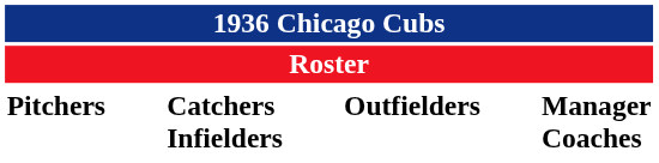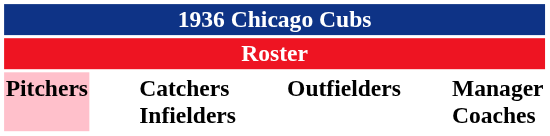 <table class="toccolours" style="font-size: 95%;">
 <tr>
 <th colspan="10" style="background-color: #0e3386; color: white; text-align: center;">1936 Chicago Cubs</th>
 </tr>
 <tr>
 <td colspan="10" style="background-color: #EE1422; color: white; text-align: center;"><strong>Roster</strong></td>
 </tr>
 <tr>
-<td valign="top"><strong>Pitchers</strong><br>         </td>
+<td valign="top" style="background: pink;"><strong>Pitchers</strong><br>         </td>
 <td width="25px"></td>
 <td valign="top"><strong>Catchers</strong><br>   <strong>Infielders</strong>       </td>
 <td width="25px"></td>
 <td valign="top"><strong>Outfielders</strong><br>    </td>
 <td width="25px"></td>
 <td valign="top"><strong>Manager</strong><br> <strong>Coaches</strong>  </td>
 </tr>
 </table>
